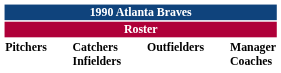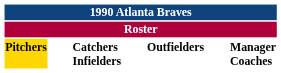 <table class="toccolours" style="font-size: 95%;">
 <tr>
 <th colspan="10" style="background-color: #0f437c; color: #FFFFFF; text-align: center;">1990 Atlanta Braves</th>
 </tr>
 <tr>
 <td colspan="10" style="background-color:#af0039; color: white; text-align: center;"><strong>Roster</strong></td>
 </tr>
 <tr>
-<td valign="top"><strong>Pitchers</strong><br>                     </td>
+<td valign="top" style="background: gold;"><strong>Pitchers</strong><br>                     </td>
 <td width="25px"></td>
 <td valign="top"><strong>Catchers</strong><br>    <strong>Infielders</strong>             </td>
 <td width="25px"></td>
 <td valign="top"><strong>Outfielders</strong><br>     </td>
 <td width="25px"></td>
 <td valign="top"><strong>Manager</strong><br>  <strong>Coaches</strong>        </td>
 </tr>
 </table>
